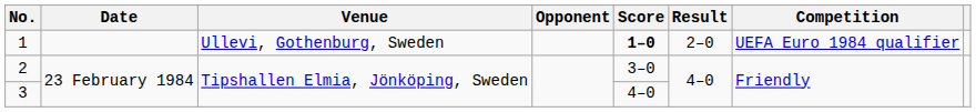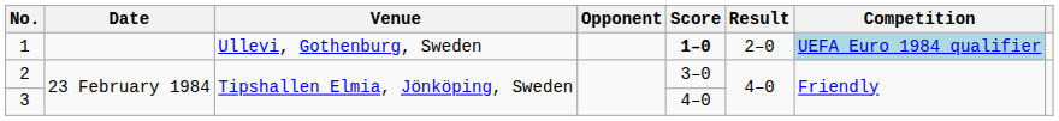 <table class="wikitable sortable">
 <tr>
 <th scope="col">No.</th>
 <th scope="col">Date</th>
 <th scope="col">Venue</th>
 <th scope="col">Opponent</th>
 <th scope="col">Score</th>
 <th scope="col">Result</th>
 <th scope="col">Competition</th>
 <th scope="col" class="unsortable"></th>
 </tr>
 <tr>
 <td align="center">1</td>
 <td></td>
 <td><a href='#'>Ullevi</a>, <a href='#'>Gothenburg</a>, Sweden</td>
 <td></td>
 <td align="center"><strong>1–0</strong></td>
 <td align="center">2–0</td>
-<td><a href='#'>UEFA Euro 1984 qualifier</a></td>
+<td style="background: lightblue;"><a href='#'>UEFA Euro 1984 qualifier</a></td>
 <td></td>
 </tr>
 <tr>
 <td align="center">2</td>
 <td rowspan="2">23 February 1984</td>
 <td rowspan="2"><a href='#'>Tipshallen Elmia</a>, <a href='#'>Jönköping</a>, Sweden</td>
 <td rowspan="2"></td>
 <td align="center">3–0</td>
 <td rowspan="2" align="center">4–0</td>
 <td rowspan="2"><a href='#'>Friendly</a></td>
 <td rowspan="2"></td>
 </tr>
 <tr>
 <td align="center">3</td>
 <td align="center">4–0</td>
 </tr>
 </table>
